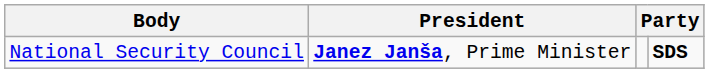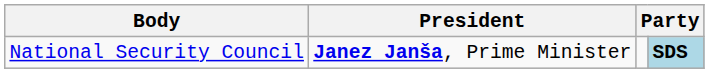 <table class="wikitable">
 <tr>
 <th>Body</th>
 <th>President</th>
 <th colspan="2">Party</th>
 </tr>
 <tr>
 <td><a href='#'>National Security Council</a></td>
 <td><strong><a href='#'>Janez Janša</a></strong>, Prime Minister</td>
 <td style="background:"></td>
-<td><strong>SDS</strong></td>
+<td style="background: lightblue;"><strong>SDS</strong></td>
 </tr>
 </table>
